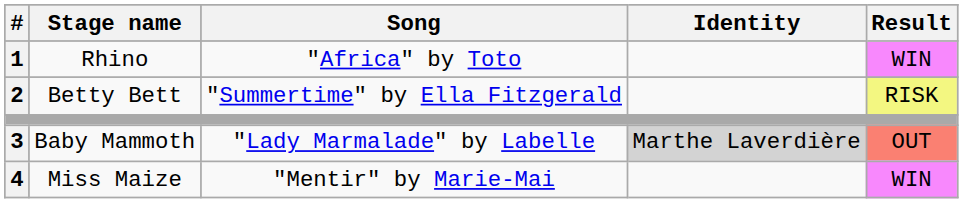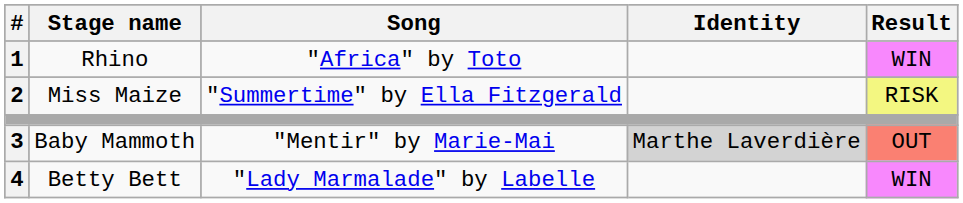 <table class="wikitable plainrowheaders" style="text-align: center;">
 <tr>
 <th>#</th>
 <th>Stage name</th>
 <th>Song</th>
 <th>Identity</th>
 <th>Result</th>
 </tr>
 <tr>
 <th>1</th>
 <td>Rhino</td>
 <td>"<a href='#'>Africa</a>" by <a href='#'>Toto</a></td>
 <td></td>
 <td bgcolor="F888FD">WIN</td>
 </tr>
 <tr>
 <th>2</th>
-<td>Betty Bett</td>
+<td>Miss Maize</td>
 <td>"<a href='#'>Summertime</a>" by <a href='#'>Ella Fitzgerald</a></td>
 <td></td>
 <td bgcolor="F3F781">RISK</td>
 </tr>
 <tr>
 <th colspan="5" style="background:darkgrey"></th>
 </tr>
 <tr>
 <th>3</th>
 <td>Baby Mammoth</td>
-<td>"<a href='#'>Lady Marmalade</a>" by <a href='#'>Labelle</a></td>
+<td>"Mentir" by <a href='#'>Marie-Mai</a></td>
 <td style="background: lightgrey;">Marthe Laverdière</td>
 <td bgcolor="salmon">OUT</td>
 </tr>
 <tr>
 <th>4</th>
-<td>Miss Maize</td>
-<td>"Mentir" by <a href='#'>Marie-Mai</a></td>
+<td>Betty Bett</td>
+<td>"<a href='#'>Lady Marmalade</a>" by <a href='#'>Labelle</a></td>
 <td></td>
 <td bgcolor="F888FD">WIN</td>
 </tr>
 </table>
